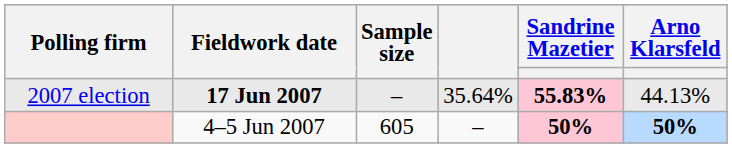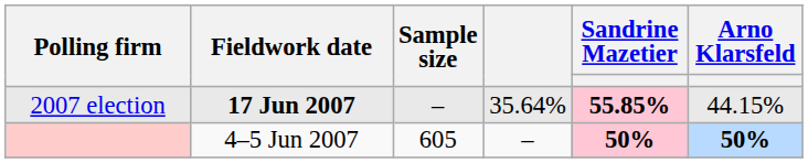 <table class="wikitable sortable" style="text-align:center;font-size:90%;line-height:14px;">
 <tr style="height:40px;">
 <th style="width:100px;" rowspan="2">Polling firm</th>
 <th style="width:110px;" rowspan="2">Fieldwork date</th>
 <th style="width:35px;" rowspan="2">Sample<br>size</th>
 <th style="width:30px;" rowspan="2"></th>
 <th class="unsortable" style="width:60px;"><a href='#'>Sandrine Mazetier</a><br></th>
 <th class="unsortable" style="width:60px;"><a href='#'>Arno Klarsfeld</a><br></th>
 </tr>
 <tr>
 <th style="background:"></th>
 <th style="background:"></th>
 </tr>
 <tr style="background:#E9E9E9;">
 <td><a href='#'>2007 election</a></td>
 <td data-sort-value="2007-06-17"><strong>17 Jun 2007</strong></td>
 <td>–</td>
 <td>35.64%</td>
-<td style="background:#FFC6D5;"><strong>55.83%</strong></td>
-<td>44.13%</td>
+<td style="background:#FFC6D5;"><strong>55.85%</strong></td>
+<td>44.15%</td>
 </tr>
 <tr>
 <td style="background:#FFCCCC;"></td>
 <td data-sort-value="2007-06-05">4–5 Jun 2007</td>
 <td>605</td>
 <td>–</td>
 <td style="background:#FFC6D5;"><strong>50%</strong></td>
 <td style="background:#B9DAFF;"><strong>50%</strong></td>
 </tr>
 </table>
